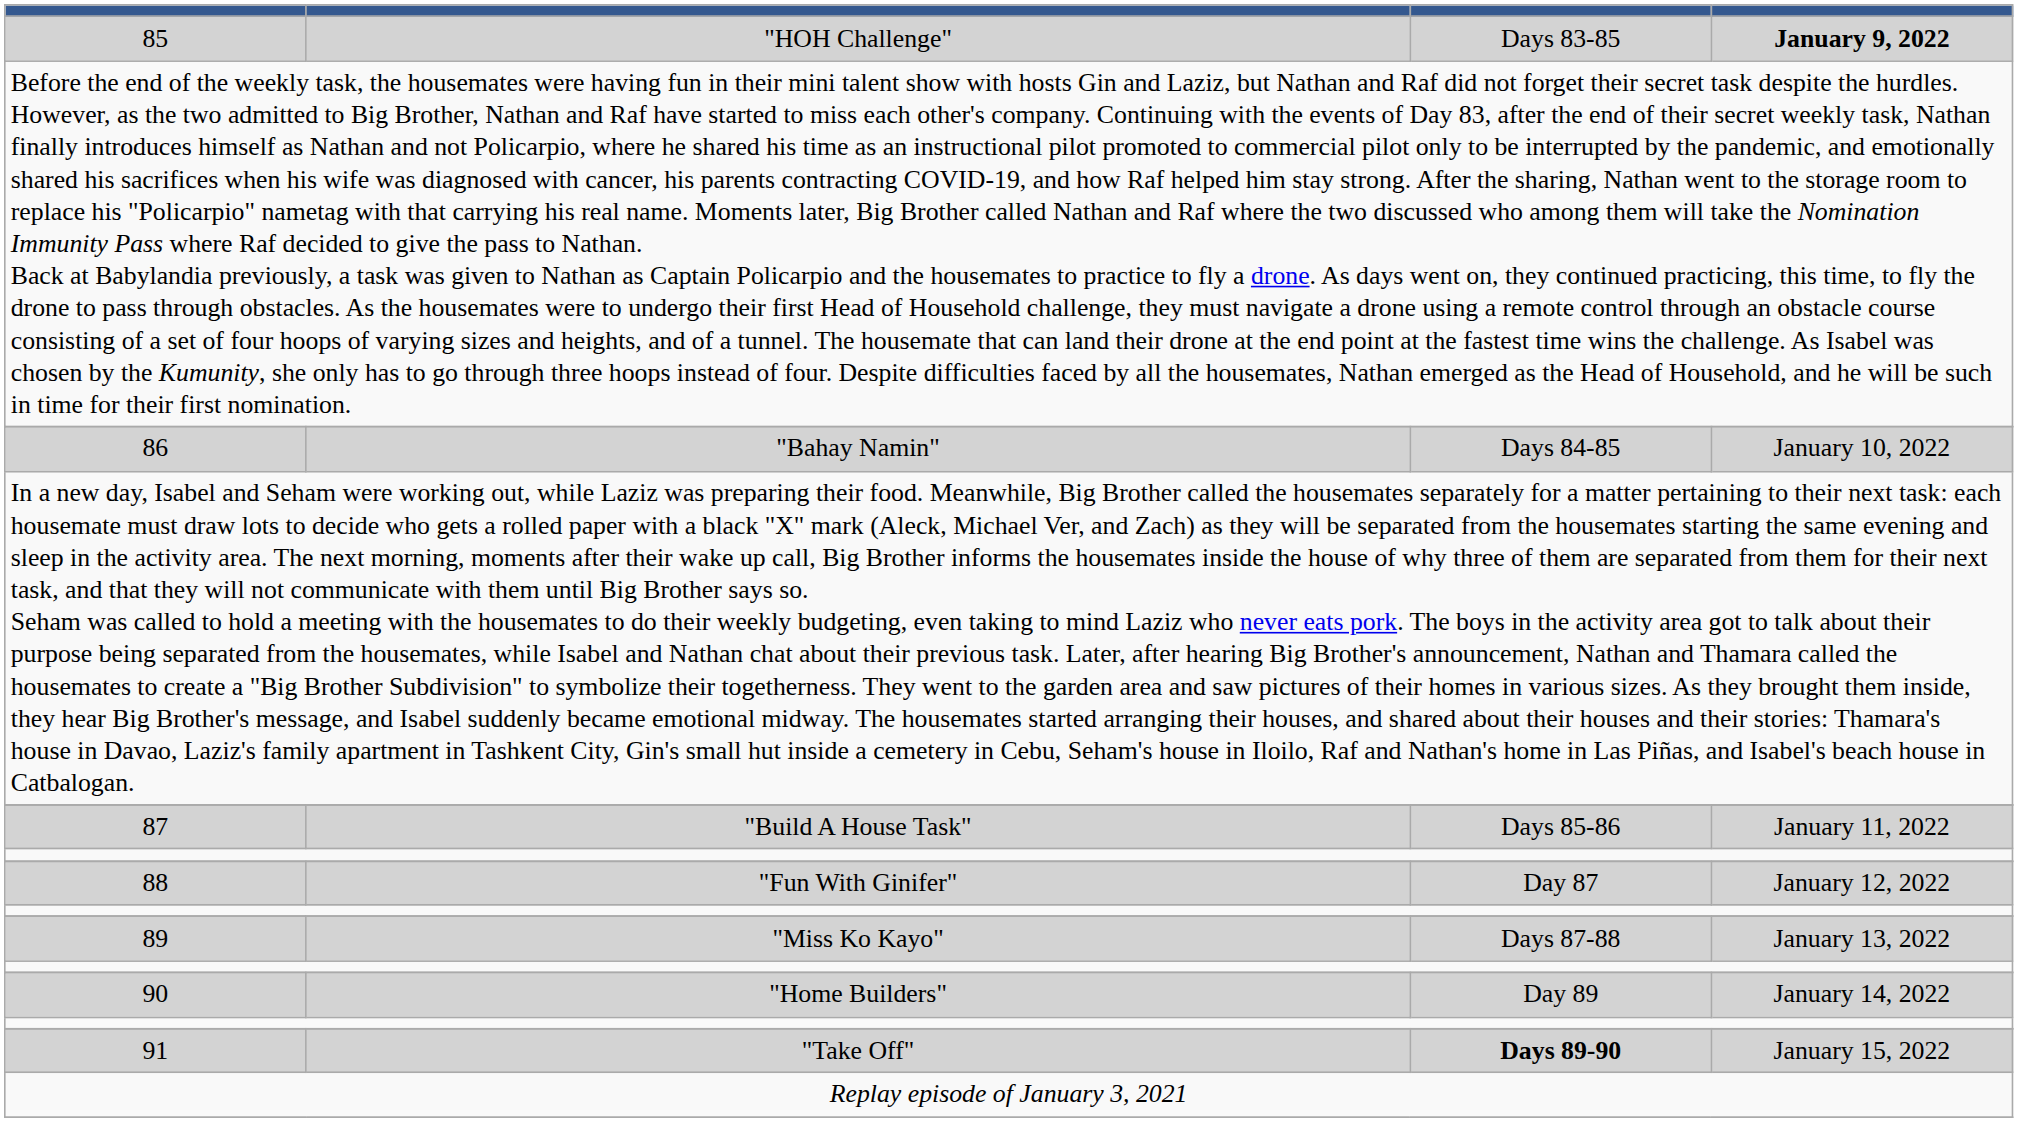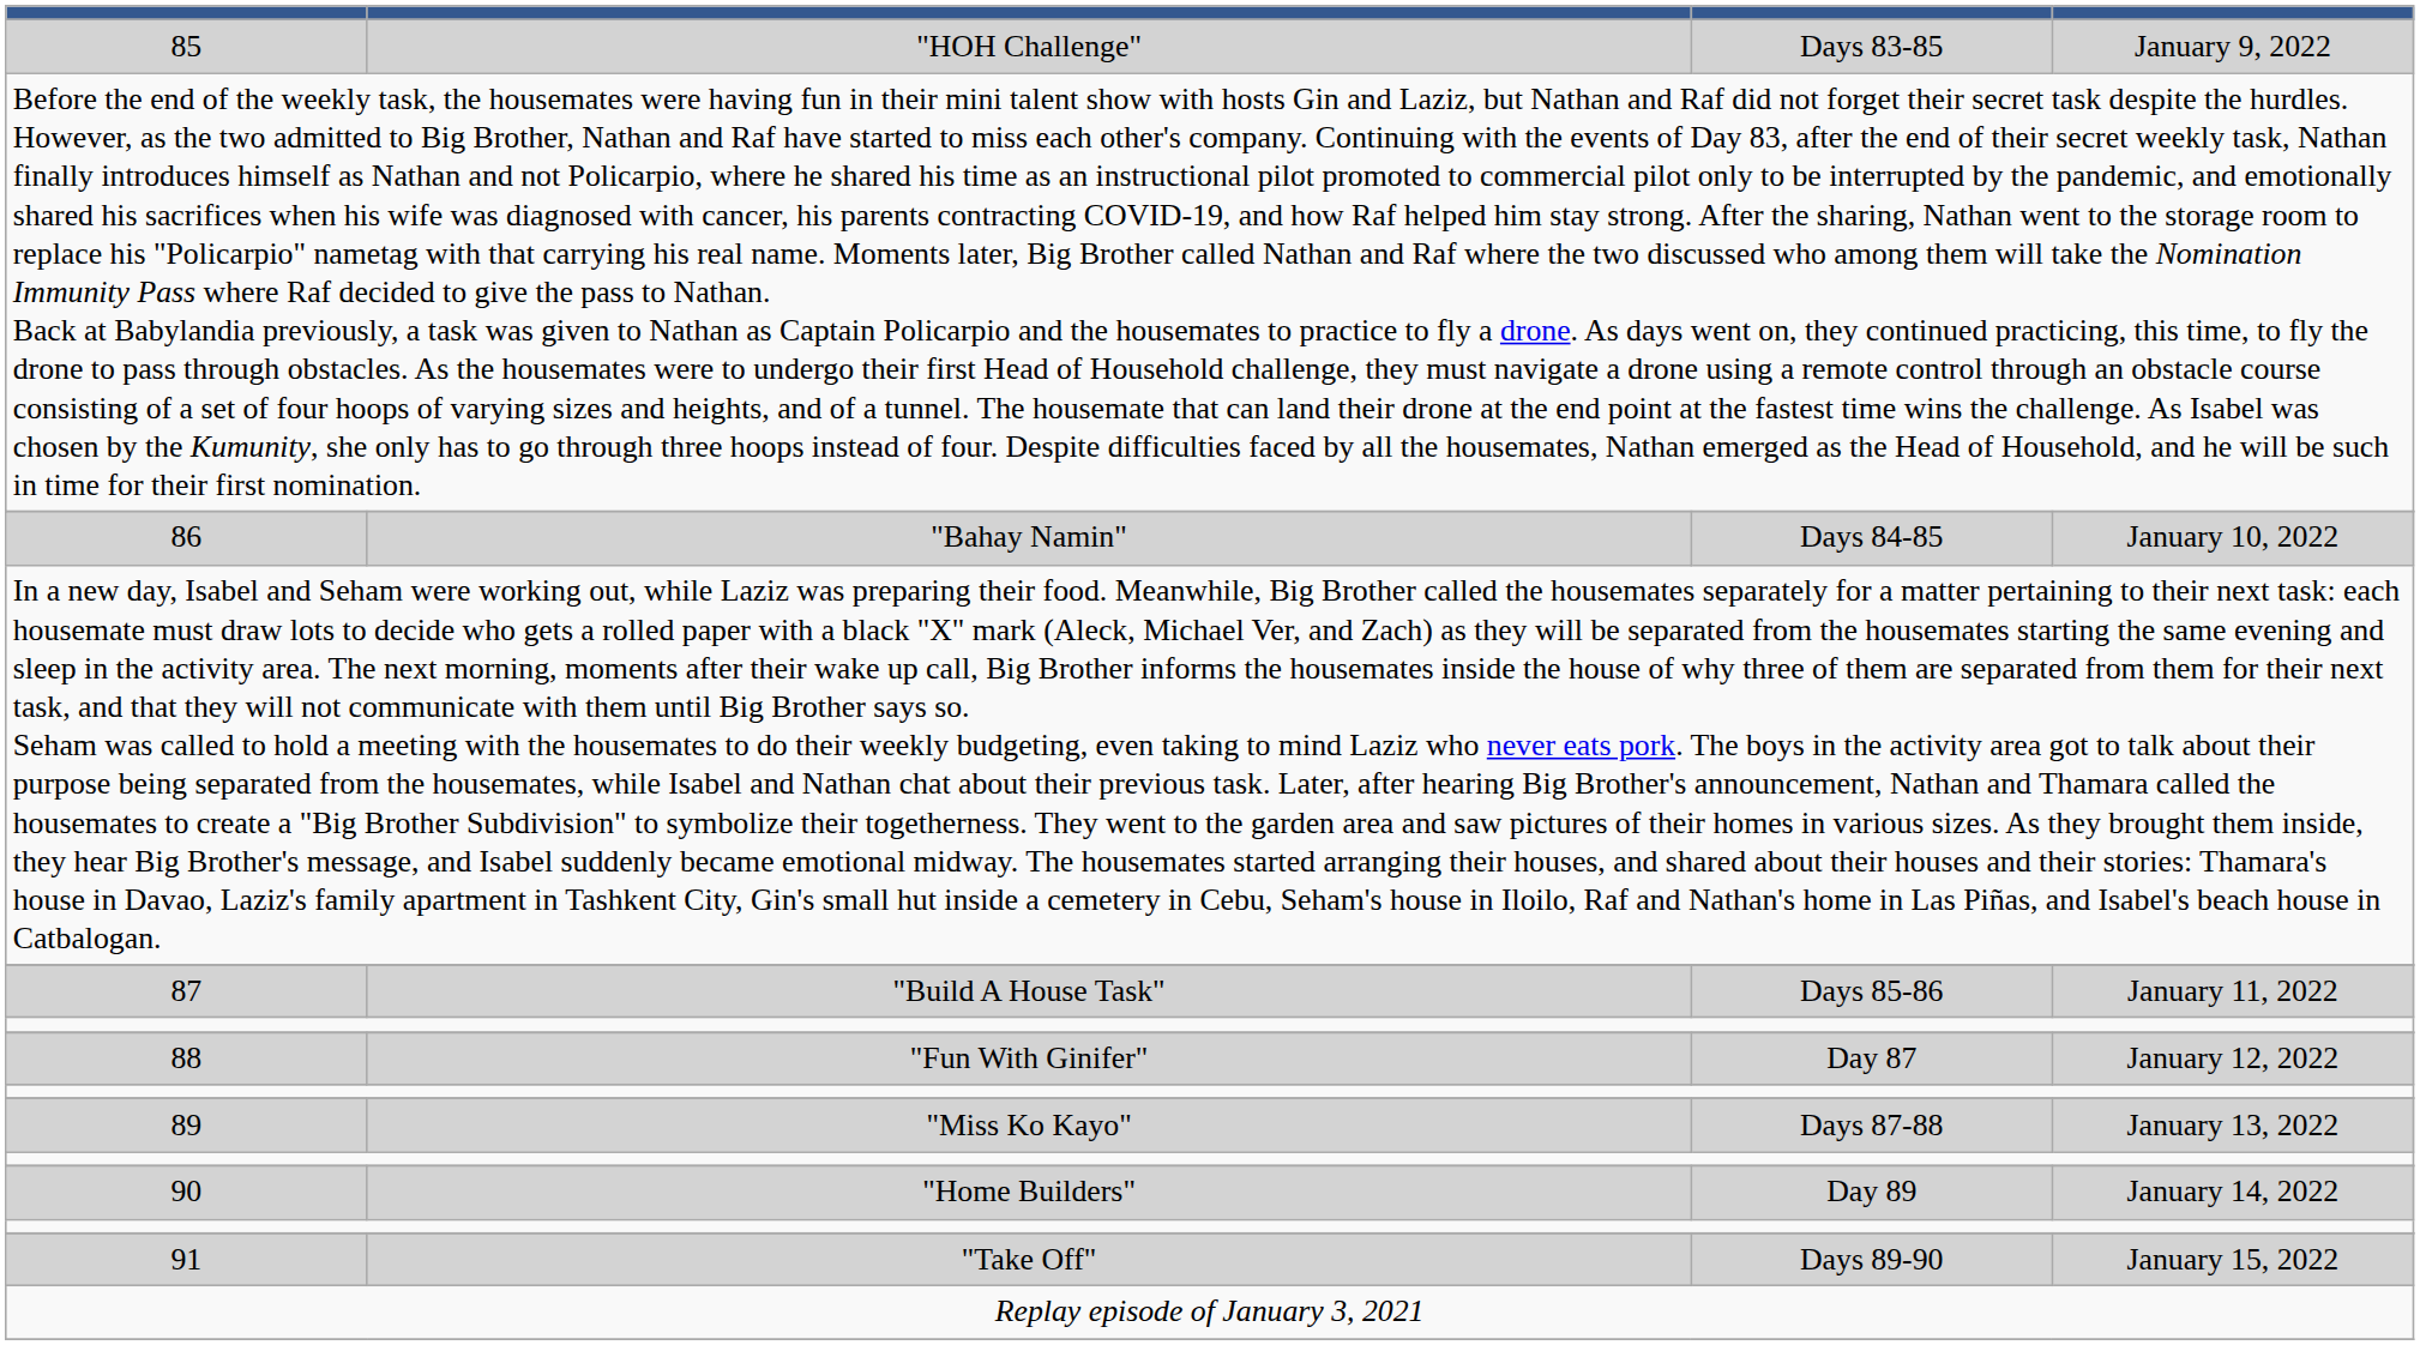 <table class="wikitable sortable" style="font-size:100%; line-height:20px; text-align:center">
 <tr>
 <th width="15%" style="background:#34588F"></th>
 <th width="55%" style="background:#34588F"></th>
 <th width="15%" style="background:#34588F"></th>
 <th width="15%" style="background:#34588F"></th>
 </tr>
 <tr style="background:lightgrey;">
 <td>85</td>
 <td>"HOH Challenge"</td>
 <td>Days 83-85</td>
-<td><strong>January 9, 2022</strong></td>
+<td>January 9, 2022</td>
 </tr>
 <tr>
 <td colspan="4" align="left">Before the end of the weekly task, the housemates were having fun in their mini talent show with hosts Gin and Laziz, but Nathan and Raf did not forget their secret task despite the hurdles. However, as the two admitted to Big Brother, Nathan and Raf have started to miss each other's company. Continuing with the events of Day 83, after the end of their secret weekly task, Nathan finally introduces himself as Nathan and not Policarpio, where he shared his time as an instructional pilot promoted to commercial pilot only to be interrupted by the pandemic, and emotionally shared his sacrifices when his wife was diagnosed with cancer, his parents contracting COVID-19, and how Raf helped him stay strong. After the sharing, Nathan went to the storage room to replace his "Policarpio" nametag with that carrying his real name. Moments later, Big Brother called Nathan and Raf where the two discussed who among them will take the <em>Nomination Immunity Pass</em> where Raf decided to give the pass to Nathan.<br>Back at Babylandia previously, a task was given to Nathan as Captain Policarpio and the housemates to practice to fly a <a href='#'>drone</a>. As days went on, they continued practicing, this time, to fly the drone to pass through obstacles. As the housemates were to undergo their first Head of Household challenge, they must navigate a drone using a remote control through an obstacle course consisting of a set of four hoops of varying sizes and heights, and of a tunnel. The housemate that can land their drone at the end point at the fastest time wins the challenge. As Isabel was chosen by the <em>Kumunity</em>, she only has to go through three hoops instead of four. Despite difficulties faced by all the housemates, Nathan emerged as the Head of Household, and he will be such in time for their first nomination.</td>
 </tr>
 <tr>
 </tr>
 <tr style="background:lightgrey;">
 <td>86</td>
 <td>"Bahay Namin"</td>
 <td>Days 84-85</td>
 <td>January 10, 2022</td>
 </tr>
 <tr>
 <td colspan="4" align="left">In a new day, Isabel and Seham were working out, while Laziz was preparing their food. Meanwhile, Big Brother called the housemates separately for a matter pertaining to their next task: each housemate must draw lots to decide who gets a rolled paper with a black "X" mark (Aleck, Michael Ver, and Zach) as they will be separated from the housemates starting the same evening and sleep in the activity area. The next morning, moments after their wake up call, Big Brother informs the housemates inside the house of why three of them are separated from them for their next task, and that they will not communicate with them until Big Brother says so.<br>Seham was called to hold a meeting with the housemates to do their weekly budgeting, even taking to mind Laziz who <a href='#'>never eats pork</a>. The boys in the activity area got to talk about their purpose being separated from the housemates, while Isabel and Nathan chat about their previous task. Later, after hearing Big Brother's announcement, Nathan and Thamara called the housemates to create a "Big Brother Subdivision" to symbolize their togetherness. They went to the garden area and saw pictures of their homes in various sizes. As they brought them inside, they hear Big Brother's message, and Isabel suddenly became emotional midway. The housemates started arranging their houses, and shared about their houses and their stories: Thamara's house in Davao, Laziz's family apartment in Tashkent City, Gin's small hut inside a cemetery in Cebu, Seham's house in Iloilo, Raf and Nathan's home in Las Piñas, and Isabel's beach house in Catbalogan.</td>
 </tr>
 <tr>
 </tr>
 <tr style="background:lightgrey;">
 <td>87</td>
 <td>"Build A House Task"</td>
 <td>Days 85-86</td>
 <td>January 11, 2022</td>
 </tr>
 <tr>
 <td colspan="4" align="left"></td>
 </tr>
 <tr>
 </tr>
 <tr style="background:lightgrey;">
 <td>88</td>
 <td>"Fun With Ginifer"</td>
 <td>Day 87</td>
 <td>January 12, 2022</td>
 </tr>
 <tr>
 <td colspan="4" align="left"></td>
 </tr>
 <tr>
 </tr>
 <tr style="background:lightgrey;">
 <td>89</td>
 <td>"Miss Ko Kayo"</td>
 <td>Days 87-88</td>
 <td>January 13, 2022</td>
 </tr>
 <tr>
 <td colspan="4" align="left"></td>
 </tr>
 <tr>
 </tr>
 <tr style="background:lightgrey;">
 <td>90</td>
 <td>"Home Builders"</td>
 <td>Day 89</td>
 <td>January 14, 2022</td>
 </tr>
 <tr>
 <td colspan="4" align="left"></td>
 </tr>
 <tr>
 </tr>
 <tr style="background:lightgrey;">
 <td>91</td>
 <td>"Take Off"</td>
-<td><strong>Days 89-90</strong></td>
+<td>Days 89-90</td>
 <td>January 15, 2022</td>
 </tr>
 <tr>
 <td colspan="4" align="center"><em>Replay episode of January 3, 2021</em></td>
 </tr>
 <tr>
 </tr>
 </table>
